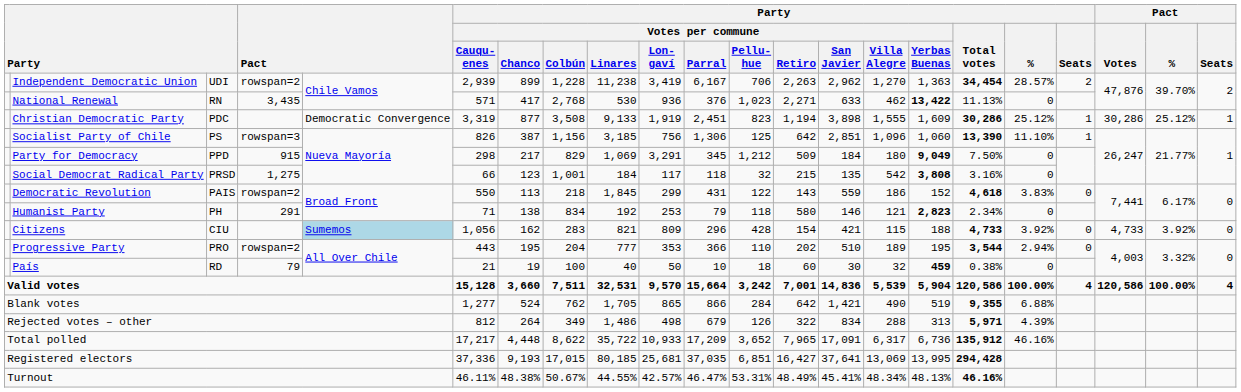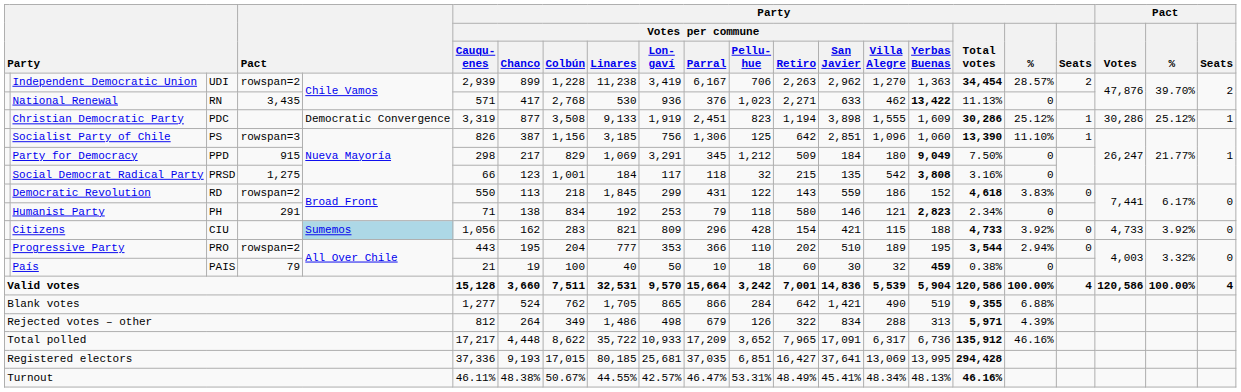 <table class="wikitable" border="1" style="font-size:90%; text-align:right; white-space: nowrap;">
 <tr>
 <th style="text-align:left;" valign=bottom rowspan=3 colspan=3>Party</th>
 <th style="text-align:left;" valign=bottom rowspan=3 colspan=2>Pact</th>
 <th colspan=14>Party</th>
 <th colspan=3>Pact</th>
 </tr>
 <tr>
 <th colspan=11>Votes per commune</th>
 <th align=center valign=bottom rowspan=2 width="40">Total<br>votes</th>
 <th align=center valign=bottom rowspan=2 width="40">%</th>
 <th align=center valign=bottom rowspan=2>Seats</th>
 <th align=center valign=bottom rowspan=2 width="40">Votes</th>
 <th align=center valign=bottom rowspan=2 width="40">%</th>
 <th align=center valign=bottom rowspan=2>Seats</th>
 </tr>
 <tr>
 <th align=center valign=bottom width="40"><a href='#'>Cauqu-<br>enes</a></th>
 <th align=center valign=bottom width="40"><a href='#'>Chanco</a></th>
 <th align=center valign=bottom width="40"><a href='#'>Colbún</a></th>
 <th align=center valign=bottom width="40"><a href='#'>Linares</a></th>
 <th align=center valign=bottom width="40"><a href='#'>Lon-<br>gaví</a></th>
 <th align=center valign=bottom width="40"><a href='#'>Parral</a></th>
 <th align=center valign=bottom width="40"><a href='#'>Pellu-<br>hue</a></th>
 <th align=center valign=bottom width="40"><a href='#'>Retiro</a></th>
 <th align=center valign=bottom width="40"><a href='#'>San<br>Javier</a></th>
 <th align=center valign=bottom width="40"><a href='#'>Villa<br>Alegre</a></th>
 <th align=center valign=bottom width="40"><a href='#'>Yerbas<br>Buenas</a></th>
 </tr>
 <tr>
 <td></td>
 <td align=left><a href='#'>Independent Democratic Union</a></td>
 <td align=left>UDI</td>
 <td>rowspan=2 </td>
 <td rowspan=2 align=left><a href='#'>Chile Vamos</a></td>
 <td>2,939</td>
 <td>899</td>
 <td>1,228</td>
 <td>11,238</td>
 <td>3,419</td>
 <td>6,167</td>
 <td>706</td>
 <td>2,263</td>
 <td>2,962</td>
 <td>1,270</td>
 <td>1,363</td>
 <td><strong>34,454</strong></td>
 <td>28.57%</td>
 <td>2</td>
 <td rowspan=2>47,876</td>
 <td rowspan=2>39.70%</td>
 <td rowspan=2>2</td>
 </tr>
 <tr>
 <td></td>
 <td align=left><a href='#'>National Renewal</a></td>
 <td align=left>RN</td>
 <td>3,435</td>
 <td>571</td>
 <td>417</td>
 <td>2,768</td>
 <td>530</td>
 <td>936</td>
 <td>376</td>
 <td>1,023</td>
 <td>2,271</td>
 <td>633</td>
 <td>462</td>
 <td><strong>13,422</strong></td>
 <td>11.13%</td>
 <td>0</td>
 </tr>
 <tr>
 <td></td>
 <td align=left><a href='#'>Christian Democratic Party</a></td>
 <td align=left>PDC</td>
 <td></td>
 <td align=left>Democratic Convergence</td>
 <td>3,319</td>
 <td>877</td>
 <td>3,508</td>
 <td>9,133</td>
 <td>1,919</td>
 <td>2,451</td>
 <td>823</td>
 <td>1,194</td>
 <td>3,898</td>
 <td>1,555</td>
 <td>1,609</td>
 <td><strong>30,286</strong></td>
 <td>25.12%</td>
 <td>1</td>
 <td>30,286</td>
 <td>25.12%</td>
 <td>1</td>
 </tr>
 <tr>
 <td></td>
 <td align=left><a href='#'>Socialist Party of Chile</a></td>
 <td align=left>PS</td>
 <td>rowspan=3 </td>
 <td rowspan=3 align=left><a href='#'>Nueva Mayoría</a></td>
 <td>826</td>
 <td>387</td>
 <td>1,156</td>
 <td>3,185</td>
 <td>756</td>
 <td>1,306</td>
 <td>125</td>
 <td>642</td>
 <td>2,851</td>
 <td>1,096</td>
 <td>1,060</td>
 <td><strong>13,390</strong></td>
 <td>11.10%</td>
 <td>1</td>
 <td rowspan=3>26,247</td>
 <td rowspan=3>21.77%</td>
 <td rowspan=3>1</td>
 </tr>
 <tr>
 <td></td>
 <td align=left><a href='#'>Party for Democracy</a></td>
 <td align=left>PPD</td>
 <td>915</td>
 <td>298</td>
 <td>217</td>
 <td>829</td>
 <td>1,069</td>
 <td>3,291</td>
 <td>345</td>
 <td>1,212</td>
 <td>509</td>
 <td>184</td>
 <td>180</td>
 <td><strong>9,049</strong></td>
 <td>7.50%</td>
 <td>0</td>
 </tr>
 <tr>
 <td></td>
 <td align=left><a href='#'>Social Democrat Radical Party</a></td>
 <td align=left>PRSD</td>
 <td>1,275</td>
 <td>66</td>
 <td>123</td>
 <td>1,001</td>
 <td>184</td>
 <td>117</td>
 <td>118</td>
 <td>32</td>
 <td>215</td>
 <td>135</td>
 <td>542</td>
 <td><strong>3,808</strong></td>
 <td>3.16%</td>
 <td>0</td>
 </tr>
 <tr>
 <td></td>
 <td align=left><a href='#'>Democratic Revolution</a></td>
-<td align=left>PAIS</td>
+<td align=left>RD</td>
 <td>rowspan=2 </td>
 <td rowspan=2 align=left><a href='#'>Broad Front</a></td>
 <td>550</td>
 <td>113</td>
 <td>218</td>
 <td>1,845</td>
 <td>299</td>
 <td>431</td>
 <td>122</td>
 <td>143</td>
 <td>559</td>
 <td>186</td>
 <td>152</td>
 <td><strong>4,618</strong></td>
 <td>3.83%</td>
 <td>0</td>
 <td rowspan=2>7,441</td>
 <td rowspan=2>6.17%</td>
 <td rowspan=2>0</td>
 </tr>
 <tr>
 <td></td>
 <td align=left><a href='#'>Humanist Party</a></td>
 <td align=left>PH</td>
 <td>291</td>
 <td>71</td>
 <td>138</td>
 <td>834</td>
 <td>192</td>
 <td>253</td>
 <td>79</td>
 <td>118</td>
 <td>580</td>
 <td>146</td>
 <td>121</td>
 <td><strong>2,823</strong></td>
 <td>2.34%</td>
 <td>0</td>
 </tr>
 <tr>
 <td></td>
 <td align=left><a href='#'>Citizens</a></td>
 <td align=left>CIU</td>
 <td></td>
 <td align=left style="background: lightblue;"><a href='#'>Sumemos</a></td>
 <td>1,056</td>
 <td>162</td>
 <td>283</td>
 <td>821</td>
 <td>809</td>
 <td>296</td>
 <td>428</td>
 <td>154</td>
 <td>421</td>
 <td>115</td>
 <td>188</td>
 <td><strong>4,733</strong></td>
 <td>3.92%</td>
 <td>0</td>
 <td>4,733</td>
 <td>3.92%</td>
 <td>0</td>
 </tr>
 <tr>
 <td></td>
 <td align=left><a href='#'>Progressive Party</a></td>
 <td align=left>PRO</td>
 <td>rowspan=2 </td>
 <td rowspan=2 align=left><a href='#'>All Over Chile</a></td>
 <td>443</td>
 <td>195</td>
 <td>204</td>
 <td>777</td>
 <td>353</td>
 <td>366</td>
 <td>110</td>
 <td>202</td>
 <td>510</td>
 <td>189</td>
 <td>195</td>
 <td><strong>3,544</strong></td>
 <td>2.94%</td>
 <td>0</td>
 <td rowspan=2>4,003</td>
 <td rowspan=2>3.32%</td>
 <td rowspan=2>0</td>
 </tr>
 <tr>
 <td></td>
 <td align=left><a href='#'>País</a></td>
-<td align=left>RD</td>
+<td align=left>PAIS</td>
 <td>79</td>
 <td>21</td>
 <td>19</td>
 <td>100</td>
 <td>40</td>
 <td>50</td>
 <td>10</td>
 <td>18</td>
 <td>60</td>
 <td>30</td>
 <td>32</td>
 <td><strong>459</strong></td>
 <td>0.38%</td>
 <td>0</td>
 </tr>
 <tr style="font-weight:bold">
 <td align=left colspan=5>Valid votes</td>
 <td>15,128</td>
 <td>3,660</td>
 <td>7,511</td>
 <td>32,531</td>
 <td>9,570</td>
 <td>15,664</td>
 <td>3,242</td>
 <td>7,001</td>
 <td>14,836</td>
 <td>5,539</td>
 <td>5,904</td>
 <td>120,586</td>
 <td>100.00%</td>
 <td>4</td>
 <td>120,586</td>
 <td>100.00%</td>
 <td>4</td>
 </tr>
 <tr>
 <td align=left colspan=5>Blank votes</td>
 <td>1,277</td>
 <td>524</td>
 <td>762</td>
 <td>1,705</td>
 <td>865</td>
 <td>866</td>
 <td>284</td>
 <td>642</td>
 <td>1,421</td>
 <td>490</td>
 <td>519</td>
 <td><strong>9,355</strong></td>
 <td>6.88%</td>
 <td></td>
 <td></td>
 <td></td>
 <td></td>
 </tr>
 <tr>
 <td align=left colspan=5>Rejected votes – other</td>
 <td>812</td>
 <td>264</td>
 <td>349</td>
 <td>1,486</td>
 <td>498</td>
 <td>679</td>
 <td>126</td>
 <td>322</td>
 <td>834</td>
 <td>288</td>
 <td>313</td>
 <td><strong>5,971</strong></td>
 <td>4.39%</td>
 <td></td>
 <td></td>
 <td></td>
 <td></td>
 </tr>
 <tr>
 <td align=left colspan=5>Total polled</td>
 <td>17,217</td>
 <td>4,448</td>
 <td>8,622</td>
 <td>35,722</td>
 <td>10,933</td>
 <td>17,209</td>
 <td>3,652</td>
 <td>7,965</td>
 <td>17,091</td>
 <td>6,317</td>
 <td>6,736</td>
 <td><strong>135,912</strong></td>
 <td>46.16%</td>
 <td></td>
 <td></td>
 <td></td>
 <td></td>
 </tr>
 <tr>
 <td align=left colspan=5>Registered electors</td>
 <td>37,336</td>
 <td>9,193</td>
 <td>17,015</td>
 <td>80,185</td>
 <td>25,681</td>
 <td>37,035</td>
 <td>6,851</td>
 <td>16,427</td>
 <td>37,641</td>
 <td>13,069</td>
 <td>13,995</td>
 <td><strong>294,428</strong></td>
 <td></td>
 <td></td>
 <td></td>
 <td></td>
 <td></td>
 </tr>
 <tr>
 <td align=left colspan=5>Turnout</td>
 <td>46.11%</td>
 <td>48.38%</td>
 <td>50.67%</td>
 <td>44.55%</td>
 <td>42.57%</td>
 <td>46.47%</td>
 <td>53.31%</td>
 <td>48.49%</td>
 <td>45.41%</td>
 <td>48.34%</td>
 <td>48.13%</td>
 <td><strong>46.16%</strong></td>
 <td></td>
 <td></td>
 <td></td>
 <td></td>
 <td></td>
 </tr>
 </table>
